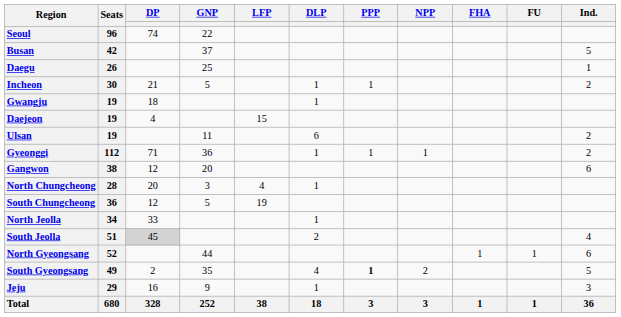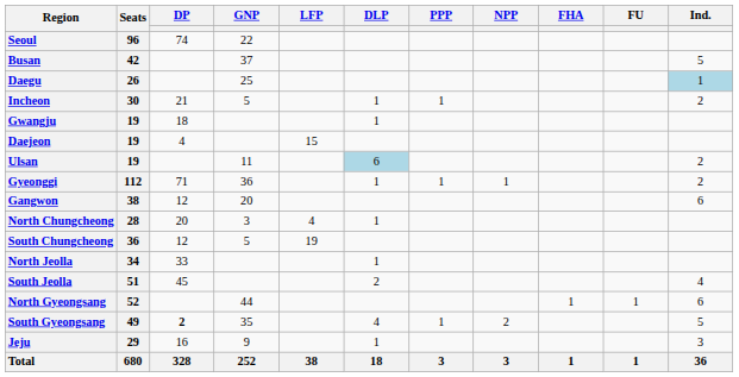 <table class="wikitable" style="text-align:center; font-size: 0.9em;">
 <tr>
 <th rowspan="2">Region</th>
 <th rowspan="2">Seats</th>
 <th class="unsortable" style="width:70px;"><a href='#'>DP</a></th>
 <th class="unsortable" style="width:70px;"><a href='#'>GNP</a></th>
 <th class="unsortable" style="width:70px;"><a href='#'>LFP</a></th>
 <th class="unsortable" style="width:70px;"><a href='#'>DLP</a></th>
 <th class="unsortable" style="width:70px;"><a href='#'>PPP</a></th>
 <th class="unsortable" style="width:70px;"><a href='#'>NPP</a></th>
 <th class="unsortable" style="width:70px;"><a href='#'>FHA</a></th>
 <th class="unsortable" style="width:70px;">FU</th>
 <th class="unsortable" style="width:70px;">Ind.</th>
 </tr>
 <tr>
 <th style="background:"></th>
 <th style="background:"></th>
 <th style="background:"></th>
 <th style="background:"></th>
 <th style="background:"></th>
 <th style="background:"></th>
 <th style="background:"></th>
 <th></th>
 <th style="background:"></th>
 </tr>
 <tr>
 <th style="text-align: left;"><a href='#'>Seoul</a></th>
 <th>96</th>
 <td>74</td>
 <td>22</td>
 <td></td>
 <td></td>
 <td></td>
 <td></td>
 <td></td>
 <td></td>
 <td></td>
 </tr>
 <tr>
 <th style="text-align: left;"><a href='#'>Busan</a></th>
 <th>42</th>
 <td></td>
 <td>37</td>
 <td></td>
 <td></td>
 <td></td>
 <td></td>
 <td></td>
 <td></td>
 <td>5</td>
 </tr>
 <tr>
 <th style="text-align: left;"><a href='#'>Daegu</a></th>
 <th>26</th>
 <td></td>
 <td>25</td>
 <td></td>
 <td></td>
 <td></td>
 <td></td>
 <td></td>
 <td></td>
-<td>1</td>
+<td style="background: lightblue;">1</td>
 </tr>
 <tr>
 <th style="text-align: left;"><a href='#'>Incheon</a></th>
 <th>30</th>
 <td>21</td>
 <td>5</td>
 <td></td>
 <td>1</td>
 <td>1</td>
 <td></td>
 <td></td>
 <td></td>
 <td>2</td>
 </tr>
 <tr>
 <th style="text-align: left;"><a href='#'>Gwangju</a></th>
 <th>19</th>
 <td>18</td>
 <td></td>
 <td></td>
 <td>1</td>
 <td></td>
 <td></td>
 <td></td>
 <td></td>
 <td></td>
 </tr>
 <tr>
 <th style="text-align: left;"><a href='#'>Daejeon</a></th>
 <th>19</th>
 <td>4</td>
 <td></td>
 <td>15</td>
 <td></td>
 <td></td>
 <td></td>
 <td></td>
 <td></td>
 <td></td>
 </tr>
 <tr>
 <th style="text-align: left;"><a href='#'>Ulsan</a></th>
 <th>19</th>
 <td></td>
 <td>11</td>
 <td></td>
-<td>6</td>
+<td style="background: lightblue;">6</td>
 <td></td>
 <td></td>
 <td></td>
 <td></td>
 <td>2</td>
 </tr>
 <tr>
 <th style="text-align: left;"><a href='#'>Gyeonggi</a></th>
 <th>112</th>
 <td>71</td>
 <td>36</td>
 <td></td>
 <td>1</td>
 <td>1</td>
 <td>1</td>
 <td></td>
 <td></td>
 <td>2</td>
 </tr>
 <tr>
 <th style="text-align: left;"><a href='#'>Gangwon</a></th>
 <th>38</th>
 <td>12</td>
 <td>20</td>
 <td></td>
 <td></td>
 <td></td>
 <td></td>
 <td></td>
 <td></td>
 <td>6</td>
 </tr>
 <tr>
 <th style="text-align: left;"><a href='#'>North Chungcheong</a></th>
 <th>28</th>
 <td>20</td>
 <td>3</td>
 <td>4</td>
 <td>1</td>
 <td></td>
 <td></td>
 <td></td>
 <td></td>
 <td></td>
 </tr>
 <tr>
 <th style="text-align: left;"><a href='#'>South Chungcheong</a></th>
 <th>36</th>
 <td>12</td>
 <td>5</td>
 <td>19</td>
 <td></td>
 <td></td>
 <td></td>
 <td></td>
 <td></td>
 <td></td>
 </tr>
 <tr>
 <th style="text-align: left;"><a href='#'>North Jeolla</a></th>
 <th>34</th>
 <td>33</td>
 <td></td>
 <td></td>
 <td>1</td>
 <td></td>
 <td></td>
 <td></td>
 <td></td>
 <td></td>
 </tr>
 <tr>
 <th style="text-align: left;"><a href='#'>South Jeolla</a></th>
 <th>51</th>
-<td style="background: lightgrey;">45</td>
+<td>45</td>
 <td></td>
 <td></td>
 <td>2</td>
 <td></td>
 <td></td>
 <td></td>
 <td></td>
 <td>4</td>
 </tr>
 <tr>
 <th style="text-align: left;"><a href='#'>North Gyeongsang</a></th>
 <th>52</th>
 <td></td>
 <td>44</td>
 <td></td>
 <td></td>
 <td></td>
 <td></td>
 <td>1</td>
 <td>1</td>
 <td>6</td>
 </tr>
 <tr>
 <th style="text-align: left;"><a href='#'>South Gyeongsang</a></th>
 <th>49</th>
-<td>2</td>
+<td><strong>2</strong></td>
 <td>35</td>
 <td></td>
 <td>4</td>
-<td><strong>1</strong></td>
+<td>1</td>
 <td>2</td>
 <td></td>
 <td></td>
 <td>5</td>
 </tr>
 <tr>
 <th style="text-align: left;"><a href='#'>Jeju</a></th>
 <th>29</th>
 <td>16</td>
 <td>9</td>
 <td></td>
 <td>1</td>
 <td></td>
 <td></td>
 <td></td>
 <td></td>
 <td>3</td>
 </tr>
 <tr class="sortbottom">
 <th style="text-align: left;">Total</th>
 <th>680</th>
 <th>328</th>
 <th>252</th>
 <th>38</th>
 <th>18</th>
 <th>3</th>
 <th>3</th>
 <th>1</th>
 <th>1</th>
 <th>36</th>
 </tr>
 </table>
